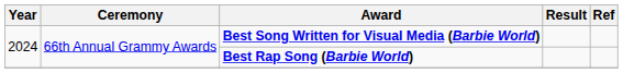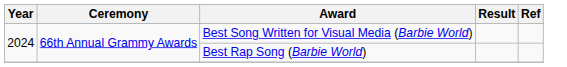 <table class="wikitable">
 <tr style="background:#ccc; text-align:center;">
 <th scope="col">Year</th>
 <th scope="col">Ceremony</th>
 <th scope="col">Award</th>
 <th scope="col">Result</th>
 <th>Ref</th>
 </tr>
 <tr>
 <td rowspan="2">2024</td>
 <td rowspan="2"><a href='#'>66th Annual Grammy Awards</a></td>
-<td><strong><a href='#'>Best Song Written for Visual Media</a> (<em><a href='#'>Barbie World</a></em>)</strong></td>
+<td><a href='#'>Best Song Written for Visual Media</a> (<em><a href='#'>Barbie World</a></em>)</td>
 <td></td>
 <td style="text-align:center;"></td>
 </tr>
 <tr>
-<td><strong><a href='#'>Best Rap Song</a> (<em><a href='#'>Barbie World</a></em>)</strong></td>
+<td><a href='#'>Best Rap Song</a> (<em><a href='#'>Barbie World</a></em>)</td>
 <td></td>
 <td style="text-align:center;"></td>
 </tr>
 <tr>
 </tr>
 </table>
